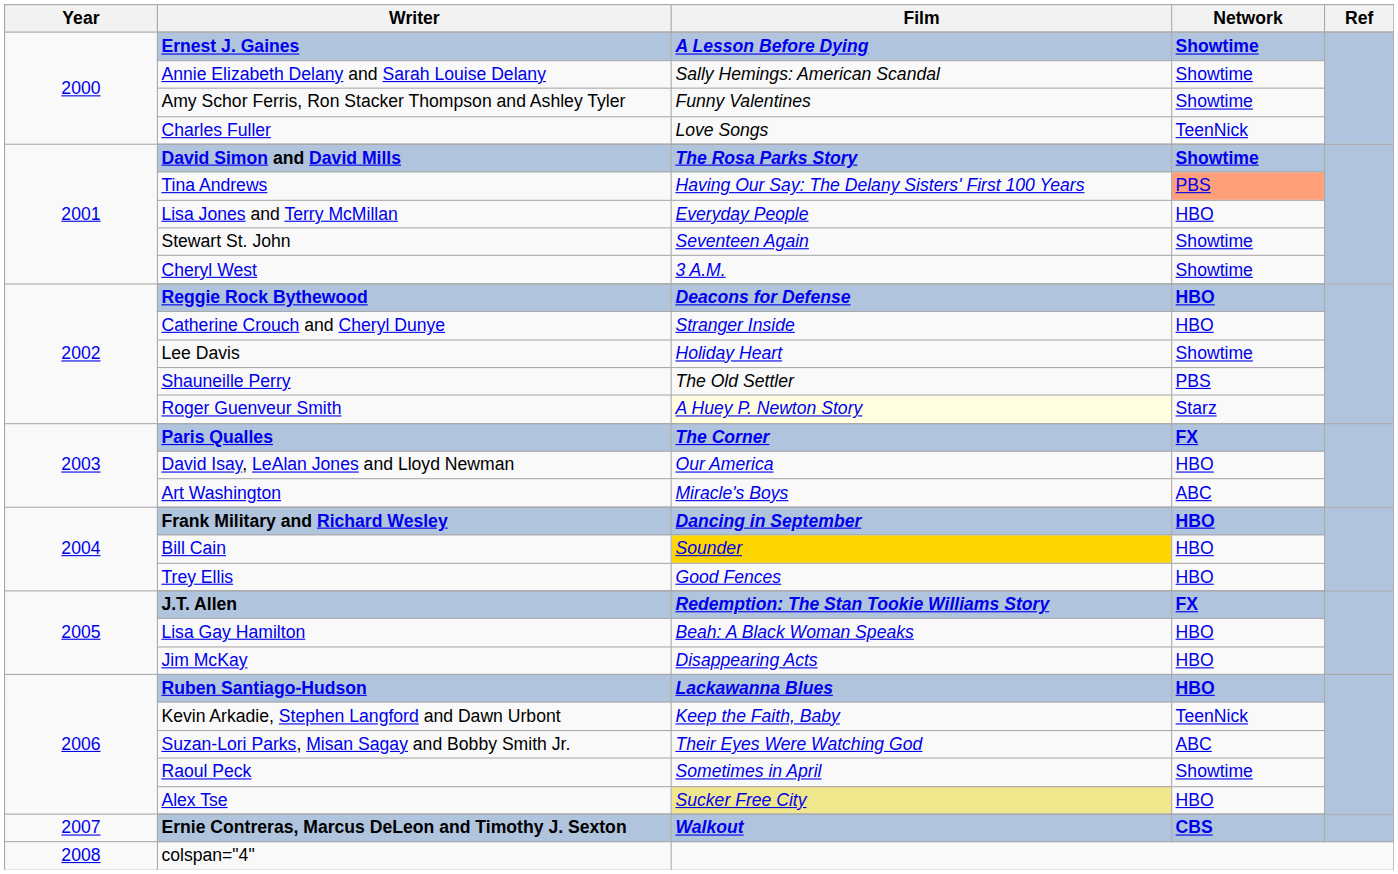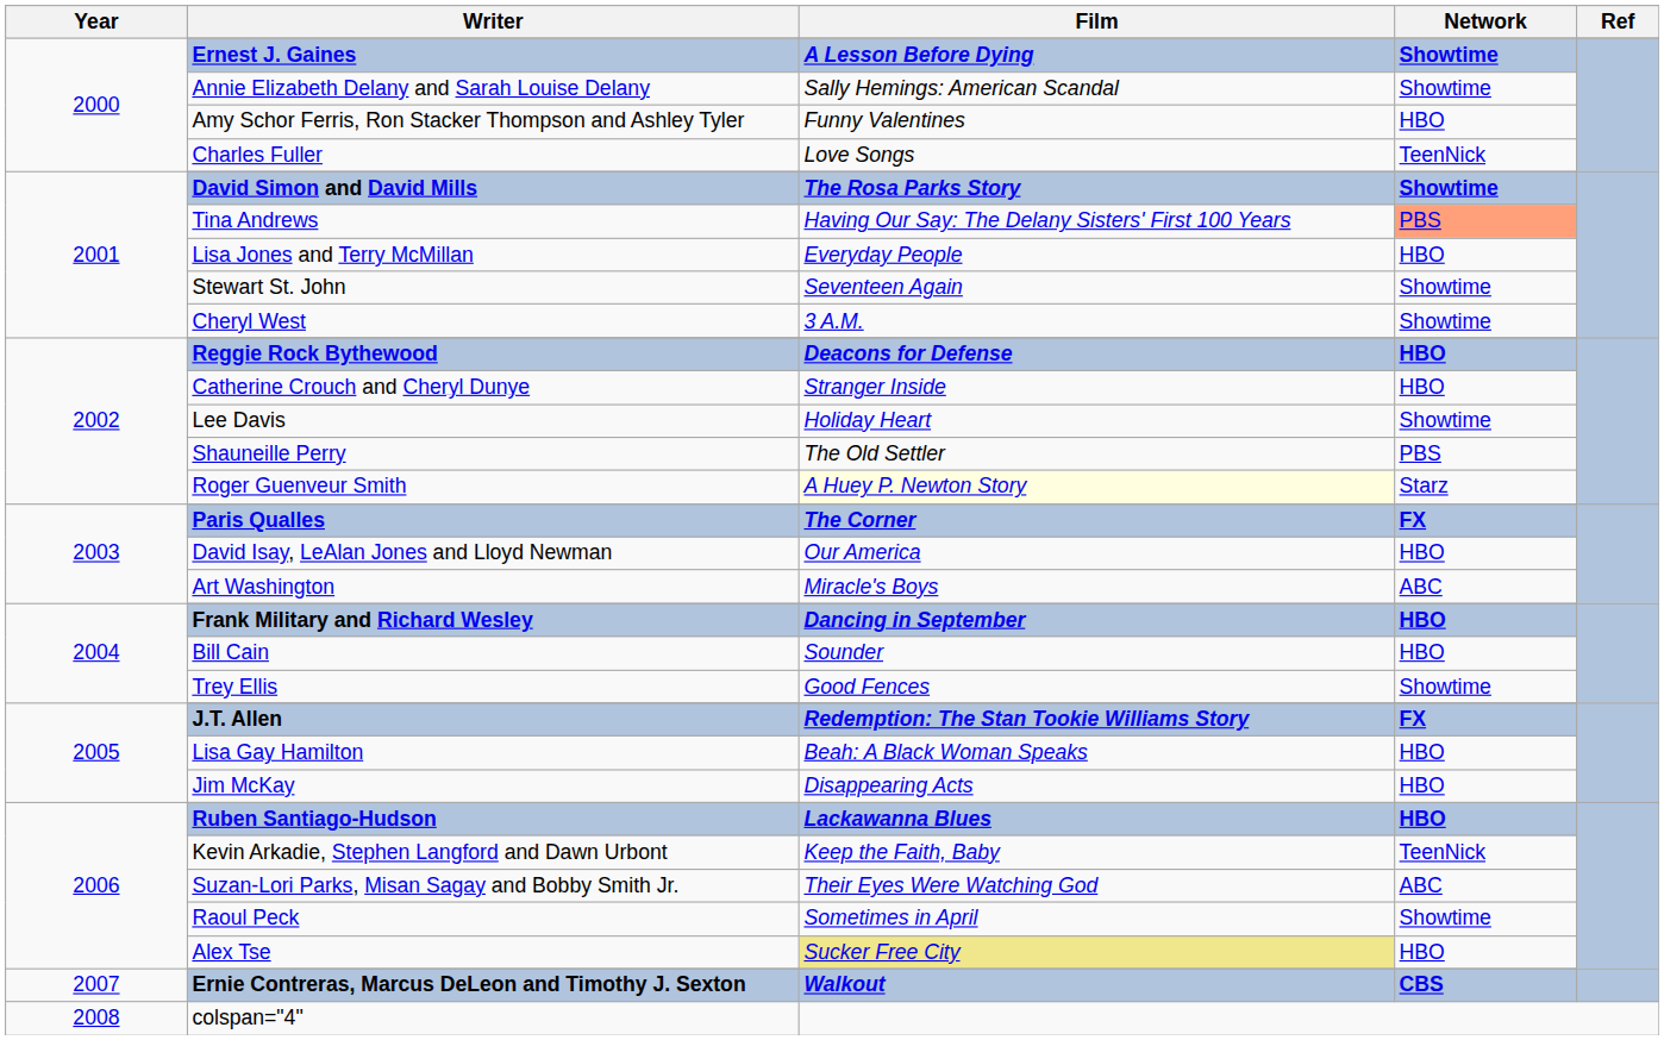 <table class="wikitable" style="width:100%;">
 <tr style="background:#bebebe;">
 <th style="width:11%;">Year</th>
 <th style="width:37%;">Writer</th>
 <th style="width:36%;">Film</th>
 <th style="width:11%;">Network</th>
 <th style="width:5%;">Ref</th>
 </tr>
 <tr>
 <td rowspan="5" align="center"><a href='#'>2000</a></td>
 </tr>
 <tr style="background:#B0C4DE">
 <td><strong><a href='#'>Ernest J. Gaines</a></strong></td>
 <td><strong><em><a href='#'>A Lesson Before Dying</a></em></strong></td>
 <td><strong><a href='#'>Showtime</a></strong></td>
 <td rowspan="5" align="center"></td>
 </tr>
 <tr>
 <td><a href='#'>Annie Elizabeth Delany</a> and <a href='#'>Sarah Louise Delany</a></td>
 <td><em>Sally Hemings: American Scandal</em></td>
 <td><a href='#'>Showtime</a></td>
 </tr>
 <tr>
 <td>Amy Schor Ferris, Ron Stacker Thompson and Ashley Tyler</td>
 <td><em>Funny Valentines</em></td>
-<td><a href='#'>Showtime</a></td>
+<td><a href='#'>HBO</a></td>
 </tr>
 <tr>
 <td><a href='#'>Charles Fuller</a></td>
 <td><em>Love Songs</em></td>
 <td><a href='#'>TeenNick</a></td>
 </tr>
 <tr>
 <td rowspan="6" align="center"><a href='#'>2001</a></td>
 </tr>
 <tr style="background:#B0C4DE">
 <td><strong><a href='#'>David Simon</a> and <a href='#'>David Mills</a></strong></td>
 <td><strong><em><a href='#'>The Rosa Parks Story</a></em></strong></td>
 <td><strong><a href='#'>Showtime</a></strong></td>
 <td rowspan="6" align="center"></td>
 </tr>
 <tr>
 <td><a href='#'>Tina Andrews</a></td>
 <td><em><a href='#'>Having Our Say: The Delany Sisters' First 100 Years</a></em></td>
 <td style="background: lightsalmon;"><a href='#'>PBS</a></td>
 </tr>
 <tr>
 <td><a href='#'>Lisa Jones</a> and <a href='#'>Terry McMillan</a></td>
 <td><em><a href='#'>Everyday People</a></em></td>
 <td><a href='#'>HBO</a></td>
 </tr>
 <tr>
 <td>Stewart St. John</td>
 <td><em><a href='#'>Seventeen Again</a></em></td>
 <td><a href='#'>Showtime</a></td>
 </tr>
 <tr>
 <td><a href='#'>Cheryl West</a></td>
 <td><em><a href='#'>3 A.M.</a></em></td>
 <td><a href='#'>Showtime</a></td>
 </tr>
 <tr>
 <td rowspan="6" align="center"><a href='#'>2002</a></td>
 </tr>
 <tr style="background:#B0C4DE">
 <td><strong><a href='#'>Reggie Rock Bythewood</a></strong></td>
 <td><strong><em><a href='#'>Deacons for Defense</a></em></strong></td>
 <td><strong><a href='#'>HBO</a></strong></td>
 <td rowspan="6" align="center"></td>
 </tr>
 <tr>
 <td><a href='#'>Catherine Crouch</a> and <a href='#'>Cheryl Dunye</a></td>
 <td><em><a href='#'>Stranger Inside</a></em></td>
 <td><a href='#'>HBO</a></td>
 </tr>
 <tr>
 <td>Lee Davis</td>
 <td><em><a href='#'>Holiday Heart</a></em></td>
 <td><a href='#'>Showtime</a></td>
 </tr>
 <tr>
 <td><a href='#'>Shauneille Perry</a></td>
 <td><em>The Old Settler</em></td>
 <td><a href='#'>PBS</a></td>
 </tr>
 <tr>
 <td><a href='#'>Roger Guenveur Smith</a></td>
 <td style="background: lightyellow;"><em><a href='#'>A Huey P. Newton Story</a></em></td>
 <td><a href='#'>Starz</a></td>
 </tr>
 <tr>
 <td rowspan="4" align="center"><a href='#'>2003</a></td>
 </tr>
 <tr style="background:#B0C4DE">
 <td><strong><a href='#'>Paris Qualles</a></strong></td>
 <td><strong><em><a href='#'>The Corner</a></em></strong></td>
 <td><strong><a href='#'>FX</a></strong></td>
 <td rowspan="4" align="center"></td>
 </tr>
 <tr>
 <td><a href='#'>David Isay</a>, <a href='#'>LeAlan Jones</a> and Lloyd Newman</td>
 <td><em><a href='#'>Our America</a></em></td>
 <td><a href='#'>HBO</a></td>
 </tr>
 <tr>
 <td><a href='#'>Art Washington</a></td>
 <td><em><a href='#'>Miracle's Boys</a></em></td>
 <td><a href='#'>ABC</a></td>
 </tr>
 <tr>
 <td rowspan="4" align="center"><a href='#'>2004</a></td>
 </tr>
 <tr style="background:#B0C4DE">
 <td><strong>Frank Military and <a href='#'>Richard Wesley</a></strong></td>
 <td><strong><em><a href='#'>Dancing in September</a></em></strong></td>
 <td><strong><a href='#'>HBO</a></strong></td>
 <td rowspan="4" align="center"></td>
 </tr>
 <tr>
 <td><a href='#'>Bill Cain</a></td>
-<td style="background: gold;"><em><a href='#'>Sounder</a></em></td>
+<td><em><a href='#'>Sounder</a></em></td>
 <td><a href='#'>HBO</a></td>
 </tr>
 <tr>
 <td><a href='#'>Trey Ellis</a></td>
 <td><em><a href='#'>Good Fences</a></em></td>
-<td><a href='#'>HBO</a></td>
+<td><a href='#'>Showtime</a></td>
 </tr>
 <tr>
 <td rowspan="4" align="center"><a href='#'>2005</a></td>
 </tr>
 <tr style="background:#B0C4DE">
 <td><strong>J.T. Allen</strong></td>
 <td><strong><em><a href='#'>Redemption: The Stan Tookie Williams Story</a></em></strong></td>
 <td><strong><a href='#'>FX</a></strong></td>
 <td rowspan="4" align="center"></td>
 </tr>
 <tr>
 <td><a href='#'>Lisa Gay Hamilton</a></td>
 <td><em><a href='#'>Beah: A Black Woman Speaks</a></em></td>
 <td><a href='#'>HBO</a></td>
 </tr>
 <tr>
 <td><a href='#'>Jim McKay</a></td>
 <td><em><a href='#'>Disappearing Acts</a></em></td>
 <td><a href='#'>HBO</a></td>
 </tr>
 <tr>
 <td rowspan="6" align="center"><a href='#'>2006</a></td>
 </tr>
 <tr style="background:#B0C4DE">
 <td><strong><a href='#'>Ruben Santiago-Hudson</a></strong></td>
 <td><strong><em><a href='#'>Lackawanna Blues</a></em></strong></td>
 <td><strong><a href='#'>HBO</a></strong></td>
 <td rowspan="6" align="center"></td>
 </tr>
 <tr>
 <td>Kevin Arkadie, <a href='#'>Stephen Langford</a> and Dawn Urbont</td>
 <td><em><a href='#'>Keep the Faith, Baby</a></em></td>
 <td><a href='#'>TeenNick</a></td>
 </tr>
 <tr>
 <td><a href='#'>Suzan-Lori Parks</a>, <a href='#'>Misan Sagay</a> and Bobby Smith Jr.</td>
 <td><em><a href='#'>Their Eyes Were Watching God</a></em></td>
 <td><a href='#'>ABC</a></td>
 </tr>
 <tr>
 <td><a href='#'>Raoul Peck</a></td>
 <td><em><a href='#'>Sometimes in April</a></em></td>
 <td><a href='#'>Showtime</a></td>
 </tr>
 <tr>
 <td><a href='#'>Alex Tse</a></td>
 <td style="background: khaki;"><em><a href='#'>Sucker Free City</a></em></td>
 <td><a href='#'>HBO</a></td>
 </tr>
 <tr>
 <td rowspan="2" align="center"><a href='#'>2007</a></td>
 </tr>
 <tr style="background:#B0C4DE">
 <td><strong>Ernie Contreras, Marcus DeLeon and Timothy J. Sexton</strong></td>
 <td><strong><em><a href='#'>Walkout</a></em></strong></td>
 <td><strong><a href='#'>CBS</a></strong></td>
 <td align="center"></td>
 </tr>
 <tr>
 <td align="center"><a href='#'>2008</a></td>
 <td>colspan="4" </td>
 </tr>
 </table>
